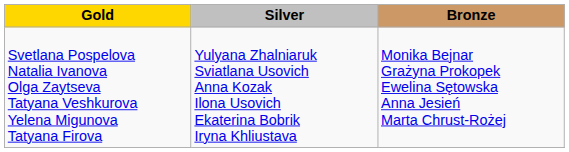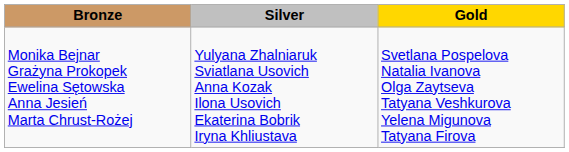 <table class="wikitable" style="text-align:left">
 <tr align="center">
+<td width=200 bgcolor=CC9966><strong>Bronze</strong></td>
+<td width=200 bgcolor=silver><strong>Silver</strong></td>
 <td width=200 bgcolor=gold><strong>Gold</strong></td>
-<td width=200 bgcolor=silver><strong>Silver</strong></td>
-<td width=200 bgcolor=CC9966><strong>Bronze</strong></td>
 </tr>
 <tr>
+<td><em></em><br><a href='#'>Monika Bejnar</a><br> <a href='#'>Grażyna Prokopek</a><br> <a href='#'>Ewelina Sętowska</a><br> <a href='#'>Anna Jesień</a><br><a href='#'>Marta Chrust-Rożej</a><br><br></td>
+<td><em></em><br> <a href='#'>Yulyana Zhalniaruk</a> <br> <a href='#'>Sviatlana Usovich</a> <br> <a href='#'>Anna Kozak</a> <br><a href='#'>Ilona Usovich</a><br><a href='#'>Ekaterina Bobrik</a><br><a href='#'>Iryna Khliustava</a></td>
 <td><em></em><br><a href='#'>Svetlana Pospelova</a> <br> <a href='#'>Natalia Ivanova</a> <br> <a href='#'>Olga Zaytseva</a> <br><a href='#'>Tatyana Veshkurova</a><br><a href='#'>Yelena Migunova</a><br><a href='#'>Tatyana Firova</a></td>
-<td><em></em><br> <a href='#'>Yulyana Zhalniaruk</a> <br> <a href='#'>Sviatlana Usovich</a> <br> <a href='#'>Anna Kozak</a> <br><a href='#'>Ilona Usovich</a><br><a href='#'>Ekaterina Bobrik</a><br><a href='#'>Iryna Khliustava</a></td>
-<td><em></em><br><a href='#'>Monika Bejnar</a><br> <a href='#'>Grażyna Prokopek</a><br> <a href='#'>Ewelina Sętowska</a><br> <a href='#'>Anna Jesień</a><br><a href='#'>Marta Chrust-Rożej</a><br><br></td>
 </tr>
 </table>
